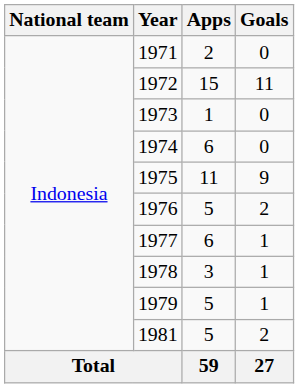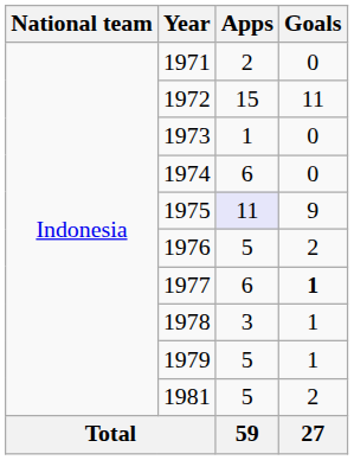 <table class="wikitable" style="text-align:center">
 <tr>
 <th>National team</th>
 <th>Year</th>
 <th>Apps</th>
 <th>Goals</th>
 </tr>
 <tr>
 <td rowspan="10"><a href='#'>Indonesia</a></td>
 <td>1971</td>
 <td>2</td>
 <td>0</td>
 </tr>
 <tr>
 <td>1972</td>
 <td>15</td>
 <td>11</td>
 </tr>
 <tr>
 <td>1973</td>
 <td>1</td>
 <td>0</td>
 </tr>
 <tr>
 <td>1974</td>
 <td>6</td>
 <td>0</td>
 </tr>
 <tr>
 <td>1975</td>
-<td>11</td>
+<td style="background: lavender;">11</td>
 <td>9</td>
 </tr>
 <tr>
 <td>1976</td>
 <td>5</td>
 <td>2</td>
 </tr>
 <tr>
 <td>1977</td>
 <td>6</td>
-<td>1</td>
+<td><strong>1</strong></td>
 </tr>
 <tr>
 <td>1978</td>
 <td>3</td>
 <td>1</td>
 </tr>
 <tr>
 <td>1979</td>
 <td>5</td>
 <td>1</td>
 </tr>
 <tr>
 <td>1981</td>
 <td>5</td>
 <td>2</td>
 </tr>
 <tr>
 <th colspan="2">Total</th>
 <th>59</th>
 <th>27</th>
 </tr>
 </table>
